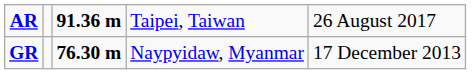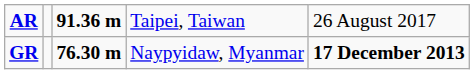 <table class="wikitable" style="font-size:95%; position:relative;">
 <tr>
 <td align=center><strong><a href='#'>AR</a></strong></td>
 <td></td>
 <td><strong>91.36 m</strong></td>
 <td><a href='#'>Taipei</a>, <a href='#'>Taiwan</a></td>
 <td>26 August 2017</td>
 </tr>
 <tr>
 <td align=center><strong><a href='#'>GR</a></strong></td>
 <td></td>
 <td><strong>76.30 m</strong></td>
 <td><a href='#'>Naypyidaw</a>, <a href='#'>Myanmar</a></td>
-<td>17 December 2013</td>
+<td><strong>17 December 2013</strong></td>
 </tr>
 </table>
